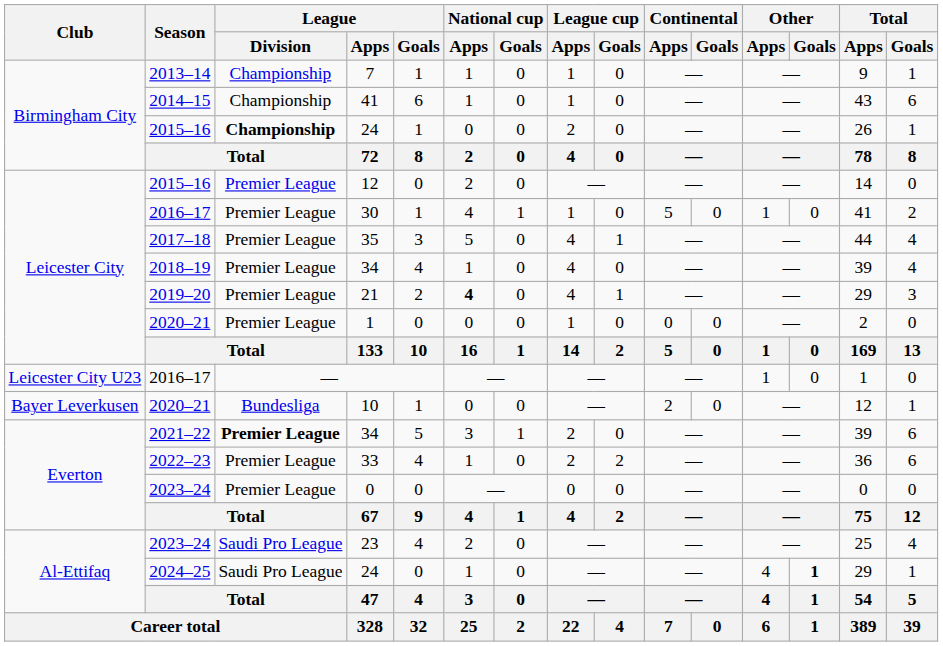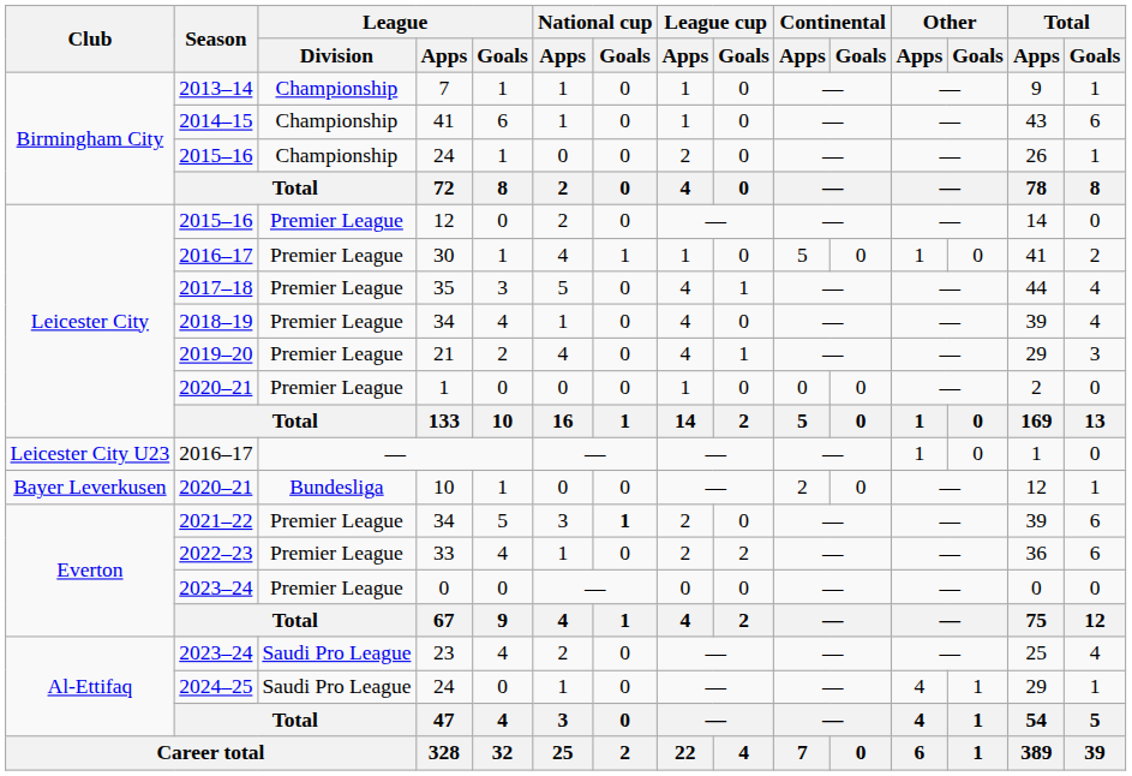 <table class=wikitable style=text-align:center>
 <tr>
 <th rowspan=2>Club</th>
 <th rowspan=2>Season</th>
 <th colspan=3>League</th>
 <th colspan=2>National cup</th>
 <th colspan=2>League cup</th>
 <th colspan=2>Continental</th>
 <th colspan=2>Other</th>
 <th colspan=2>Total</th>
 </tr>
 <tr>
 <th>Division</th>
 <th>Apps</th>
 <th>Goals</th>
 <th>Apps</th>
 <th>Goals</th>
 <th>Apps</th>
 <th>Goals</th>
 <th>Apps</th>
 <th>Goals</th>
 <th>Apps</th>
 <th>Goals</th>
 <th>Apps</th>
 <th>Goals</th>
 </tr>
 <tr>
 <td rowspan=4><a href='#'>Birmingham City</a></td>
 <td><a href='#'>2013–14</a></td>
 <td><a href='#'>Championship</a></td>
 <td>7</td>
 <td>1</td>
 <td>1</td>
 <td>0</td>
 <td>1</td>
 <td>0</td>
 <td colspan=2>—</td>
 <td colspan=2>—</td>
 <td>9</td>
 <td>1</td>
 </tr>
 <tr>
 <td><a href='#'>2014–15</a></td>
 <td>Championship</td>
 <td>41</td>
 <td>6</td>
 <td>1</td>
 <td>0</td>
 <td>1</td>
 <td>0</td>
 <td colspan=2>—</td>
 <td colspan=2>—</td>
 <td>43</td>
 <td>6</td>
 </tr>
 <tr>
 <td><a href='#'>2015–16</a></td>
-<td><strong>Championship</strong></td>
+<td>Championship</td>
 <td>24</td>
 <td>1</td>
 <td>0</td>
 <td>0</td>
 <td>2</td>
 <td>0</td>
 <td colspan=2>—</td>
 <td colspan=2>—</td>
 <td>26</td>
 <td>1</td>
 </tr>
 <tr>
 <th colspan=2>Total</th>
 <th>72</th>
 <th>8</th>
 <th>2</th>
 <th>0</th>
 <th>4</th>
 <th>0</th>
 <th colspan=2>—</th>
 <th colspan=2>—</th>
 <th>78</th>
 <th>8</th>
 </tr>
 <tr>
 <td rowspan=7><a href='#'>Leicester City</a></td>
 <td><a href='#'>2015–16</a></td>
 <td><a href='#'>Premier League</a></td>
 <td>12</td>
 <td>0</td>
 <td>2</td>
 <td>0</td>
 <td colspan=2>—</td>
 <td colspan=2>—</td>
 <td colspan=2>—</td>
 <td>14</td>
 <td>0</td>
 </tr>
 <tr>
 <td><a href='#'>2016–17</a></td>
 <td>Premier League</td>
 <td>30</td>
 <td>1</td>
 <td>4</td>
 <td>1</td>
 <td>1</td>
 <td>0</td>
 <td>5</td>
 <td>0</td>
 <td>1</td>
 <td>0</td>
 <td>41</td>
 <td>2</td>
 </tr>
 <tr>
 <td><a href='#'>2017–18</a></td>
 <td>Premier League</td>
 <td>35</td>
 <td>3</td>
 <td>5</td>
 <td>0</td>
 <td>4</td>
 <td>1</td>
 <td colspan=2>—</td>
 <td colspan=2>—</td>
 <td>44</td>
 <td>4</td>
 </tr>
 <tr>
 <td><a href='#'>2018–19</a></td>
 <td>Premier League</td>
 <td>34</td>
 <td>4</td>
 <td>1</td>
 <td>0</td>
 <td>4</td>
 <td>0</td>
 <td colspan=2>—</td>
 <td colspan=2>—</td>
 <td>39</td>
 <td>4</td>
 </tr>
 <tr>
 <td><a href='#'>2019–20</a></td>
 <td>Premier League</td>
 <td>21</td>
 <td>2</td>
-<td><strong>4</strong></td>
+<td>4</td>
 <td>0</td>
 <td>4</td>
 <td>1</td>
 <td colspan=2>—</td>
 <td colspan=2>—</td>
 <td>29</td>
 <td>3</td>
 </tr>
 <tr>
 <td><a href='#'>2020–21</a></td>
 <td>Premier League</td>
 <td>1</td>
 <td>0</td>
 <td>0</td>
 <td>0</td>
 <td>1</td>
 <td>0</td>
 <td>0</td>
 <td>0</td>
 <td colspan=2>—</td>
 <td>2</td>
 <td>0</td>
 </tr>
 <tr>
 <th colspan=2>Total</th>
 <th>133</th>
 <th>10</th>
 <th>16</th>
 <th>1</th>
 <th>14</th>
 <th>2</th>
 <th>5</th>
 <th>0</th>
 <th>1</th>
 <th>0</th>
 <th>169</th>
 <th>13</th>
 </tr>
 <tr>
 <td><a href='#'>Leicester City U23</a></td>
 <td>2016–17</td>
 <td colspan=3>—</td>
 <td colspan=2>—</td>
 <td colspan=2>—</td>
 <td colspan=2>—</td>
 <td>1</td>
 <td>0</td>
 <td>1</td>
 <td>0</td>
 </tr>
 <tr>
 <td><a href='#'>Bayer Leverkusen</a></td>
 <td><a href='#'>2020–21</a></td>
 <td><a href='#'>Bundesliga</a></td>
 <td>10</td>
 <td>1</td>
 <td>0</td>
 <td>0</td>
 <td colspan=2>—</td>
 <td>2</td>
 <td>0</td>
 <td colspan=2>—</td>
 <td>12</td>
 <td>1</td>
 </tr>
 <tr>
 <td rowspan=4><a href='#'>Everton</a></td>
 <td><a href='#'>2021–22</a></td>
-<td><strong>Premier League</strong></td>
+<td>Premier League</td>
 <td>34</td>
 <td>5</td>
 <td>3</td>
-<td>1</td>
+<td><strong>1</strong></td>
 <td>2</td>
 <td>0</td>
 <td colspan=2>—</td>
 <td colspan=2>—</td>
 <td>39</td>
 <td>6</td>
 </tr>
 <tr>
 <td><a href='#'>2022–23</a></td>
 <td>Premier League</td>
 <td>33</td>
 <td>4</td>
 <td>1</td>
 <td>0</td>
 <td>2</td>
 <td>2</td>
 <td colspan=2>—</td>
 <td colspan=2>—</td>
 <td>36</td>
 <td>6</td>
 </tr>
 <tr>
 <td><a href='#'>2023–24</a></td>
 <td>Premier League</td>
 <td>0</td>
 <td>0</td>
 <td colspan=2>—</td>
 <td>0</td>
 <td>0</td>
 <td colspan=2>—</td>
 <td colspan=2>—</td>
 <td>0</td>
 <td>0</td>
 </tr>
 <tr>
 <th colspan=2>Total</th>
 <th>67</th>
 <th>9</th>
 <th>4</th>
 <th>1</th>
 <th>4</th>
 <th>2</th>
 <th colspan=2>—</th>
 <th colspan=2>—</th>
 <th>75</th>
 <th>12</th>
 </tr>
 <tr>
 <td rowspan="3"><a href='#'>Al-Ettifaq</a></td>
 <td><a href='#'>2023–24</a></td>
 <td><a href='#'>Saudi Pro League</a></td>
 <td>23</td>
 <td>4</td>
 <td>2</td>
 <td>0</td>
 <td colspan=2>—</td>
 <td colspan=2>—</td>
 <td colspan=2>—</td>
 <td>25</td>
 <td>4</td>
 </tr>
 <tr>
 <td><a href='#'>2024–25</a></td>
 <td>Saudi Pro League</td>
 <td>24</td>
 <td>0</td>
 <td>1</td>
 <td>0</td>
 <td colspan=2>—</td>
 <td colspan=2>—</td>
 <td>4</td>
-<td><strong>1</strong></td>
+<td>1</td>
 <td>29</td>
 <td>1</td>
 </tr>
 <tr>
 <th colspan=2>Total</th>
 <th>47</th>
 <th>4</th>
 <th>3</th>
 <th>0</th>
 <th colspan=2>—</th>
 <th colspan=2>—</th>
 <th>4</th>
 <th>1</th>
 <th>54</th>
 <th>5</th>
 </tr>
 <tr>
 <th colspan=3>Career total</th>
 <th>328</th>
 <th>32</th>
 <th>25</th>
 <th>2</th>
 <th>22</th>
 <th>4</th>
 <th>7</th>
 <th>0</th>
 <th>6</th>
 <th>1</th>
 <th>389</th>
 <th>39</th>
 </tr>
 </table>
